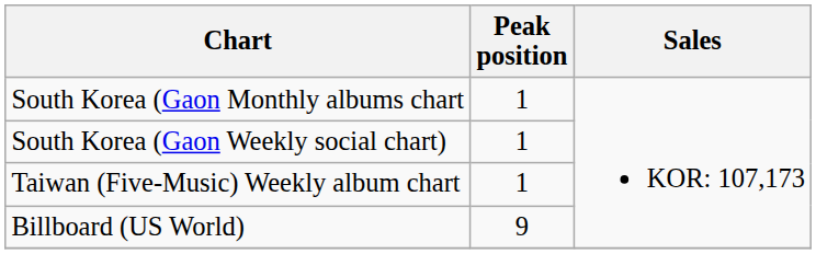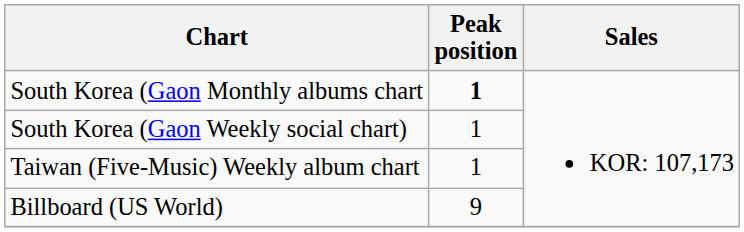 <table class="wikitable sortable">
 <tr>
 <th>Chart</th>
 <th>Peak<br>position</th>
 <th style="text-align:center;">Sales</th>
 </tr>
 <tr>
 <td>South Korea (<a href='#'>Gaon</a> Monthly albums chart</td>
-<td align="center">1</td>
+<td align="center"><strong>1</strong></td>
 <td rowspan="4"><br><ul><li>KOR: 107,173</li></ul></td>
 </tr>
 <tr>
 <td>South Korea (<a href='#'>Gaon</a> Weekly social chart)</td>
 <td align="center">1</td>
 </tr>
 <tr>
 <td>Taiwan (Five-Music) Weekly album chart</td>
 <td align="center">1</td>
 </tr>
 <tr>
 <td>Billboard (US World)</td>
 <td align="center">9</td>
 </tr>
 <tr>
 </tr>
 </table>
